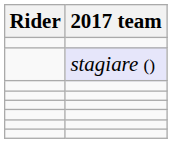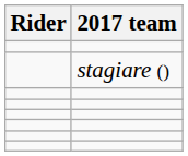 <table class="wikitable">
 <tr>
 <th>Rider</th>
 <th>2017 team</th>
 </tr>
 <tr>
 <td></td>
 <td></td>
 </tr>
 <tr>
 <td></td>
-<td style="background: lavender;"><em>stagiare</em> <small>()</small></td>
+<td><em>stagiare</em> <small>()</small></td>
 </tr>
 <tr>
 <td></td>
 <td></td>
 </tr>
 <tr>
 <td></td>
 <td></td>
 </tr>
 <tr>
 <td></td>
 <td></td>
 </tr>
 <tr>
 <td></td>
 <td></td>
 </tr>
 <tr>
 <td></td>
 <td></td>
 </tr>
 <tr>
 <td></td>
 <td></td>
 </tr>
 </table>
